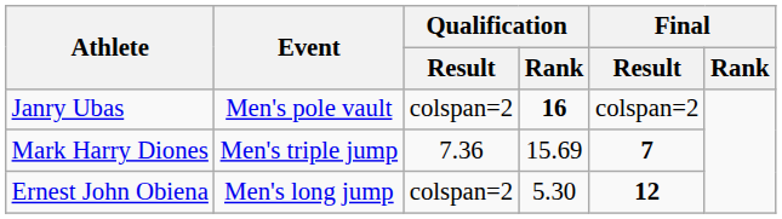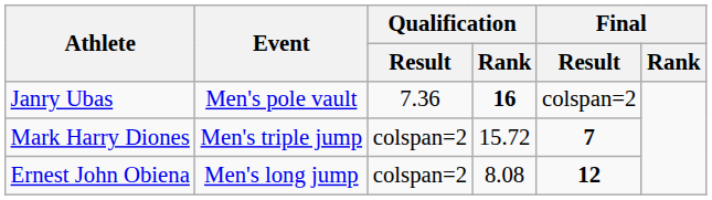 <table class=wikitable  style="font-size:90%">
 <tr>
 <th rowspan=2>Athlete</th>
 <th rowspan=2>Event</th>
 <th colspan=2>Qualification</th>
 <th colspan=2>Final</th>
 </tr>
 <tr>
 <th>Result</th>
 <th>Rank</th>
 <th>Result</th>
 <th>Rank</th>
 </tr>
 <tr>
 <td><a href='#'>Janry Ubas</a></td>
 <td align=center><a href='#'>Men's pole vault</a></td>
-<td>colspan=2 </td>
+<td align=center>7.36</td>
 <td align=center><strong>16</strong></td>
 <td>colspan=2 </td>
 </tr>
 <tr>
 <td><a href='#'>Mark Harry Diones</a></td>
 <td align=center><a href='#'>Men's triple jump</a></td>
-<td align=center>7.36</td>
-<td align=center>15.69</td>
+<td>colspan=2 </td>
+<td align=center>15.72</td>
 <td align=center><strong>7</strong></td>
 </tr>
 <tr>
 <td><a href='#'>Ernest John Obiena</a></td>
 <td align=center><a href='#'>Men's long jump</a></td>
 <td>colspan=2 </td>
-<td align=center>5.30</td>
+<td align=center>8.08</td>
 <td align=center><strong>12</strong></td>
 </tr>
 </table>
